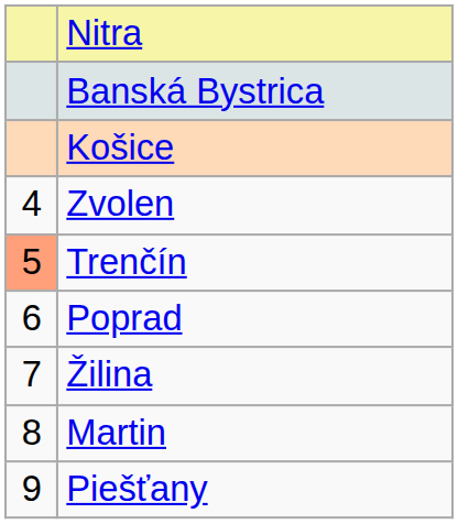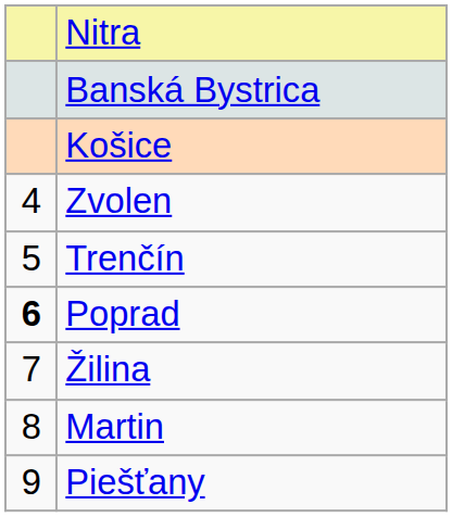 <table class="wikitable" style="width:200px;">
 <tr style="background:#F7F6A8;">
 <td align=center></td>
 <td><a href='#'>Nitra</a></td>
 </tr>
 <tr style="background:#DCE5E5;">
 <td align=center></td>
 <td><a href='#'>Banská Bystrica</a></td>
 </tr>
 <tr style="background:#FFDAB9;">
 <td align=center></td>
 <td><a href='#'>Košice</a></td>
 </tr>
 <tr>
 <td align=center>4</td>
 <td><a href='#'>Zvolen</a></td>
 </tr>
 <tr>
-<td align=center style="background: lightsalmon;">5</td>
+<td align=center>5</td>
 <td><a href='#'>Trenčín</a></td>
 </tr>
 <tr>
-<td align=center>6</td>
+<td align=center><strong>6</strong></td>
 <td><a href='#'>Poprad</a></td>
 </tr>
 <tr>
 <td align=center>7</td>
 <td><a href='#'>Žilina</a></td>
 </tr>
 <tr>
 <td align=center>8</td>
 <td><a href='#'>Martin</a></td>
 </tr>
 <tr>
 <td align=center>9</td>
 <td><a href='#'>Piešťany</a></td>
 </tr>
 </table>
